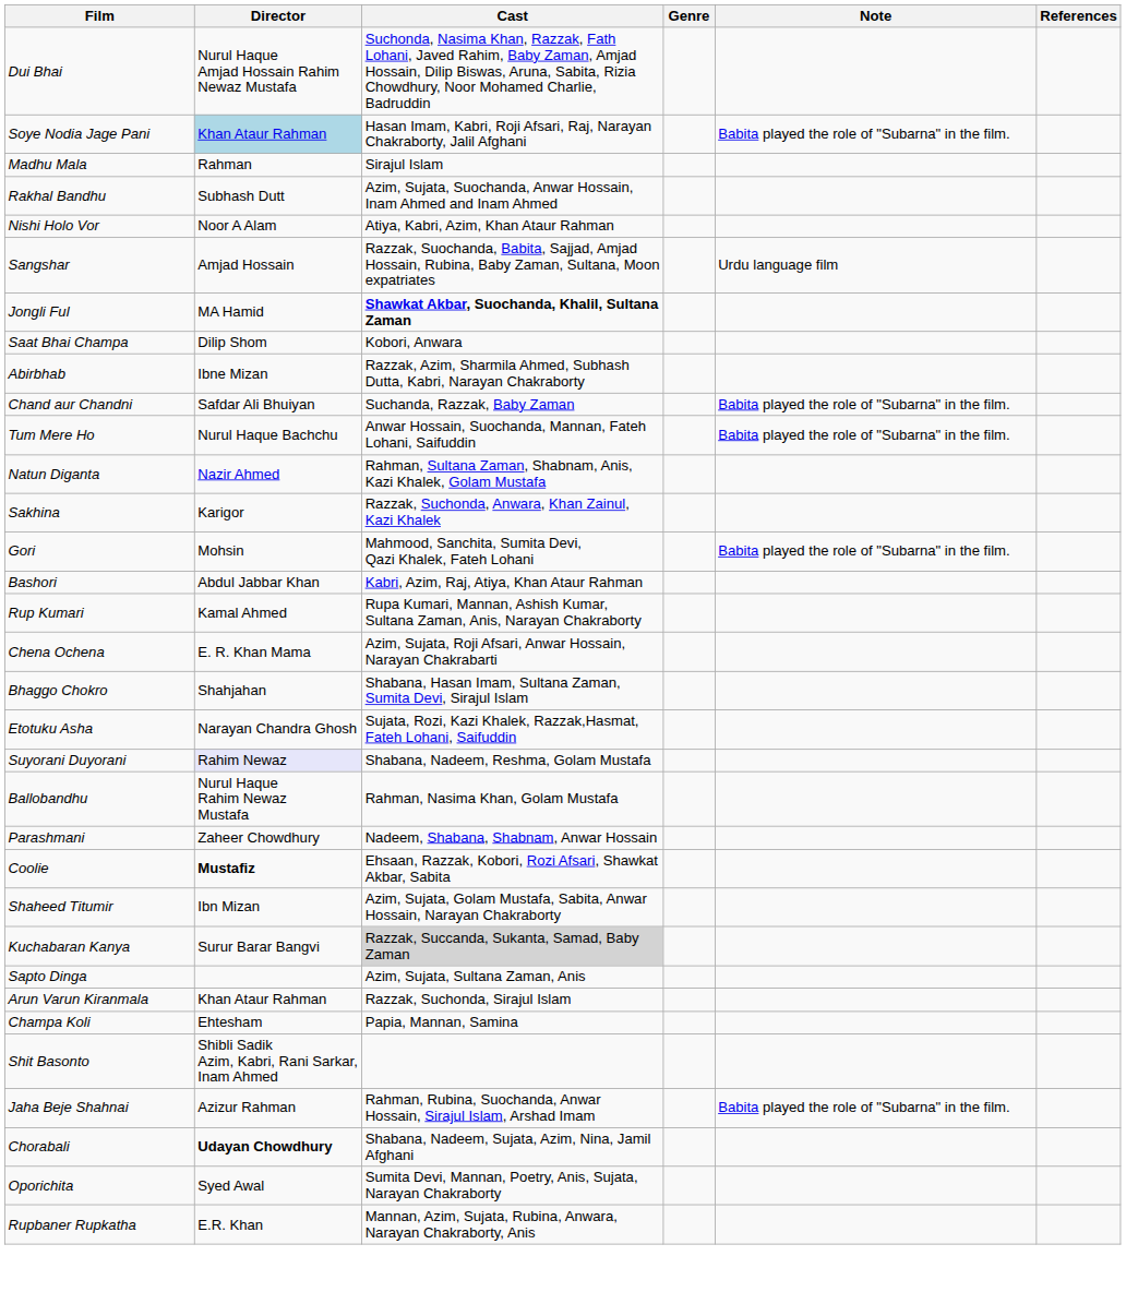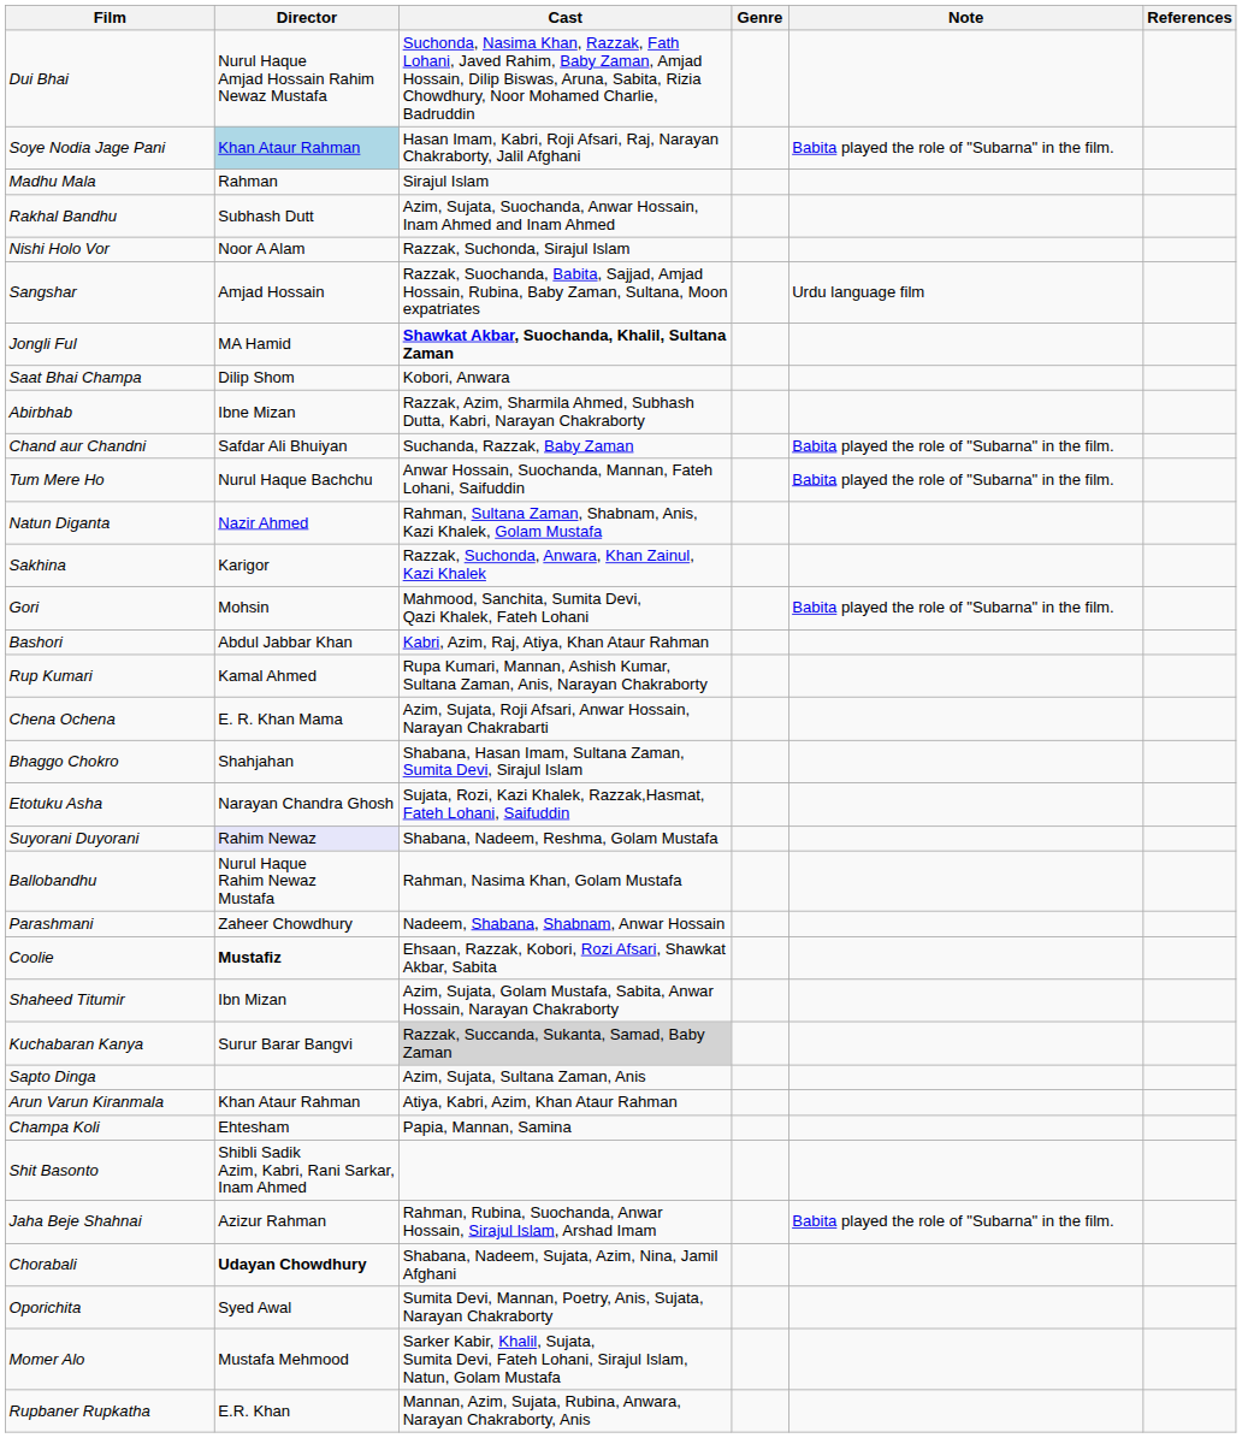 <table class="wikitable sortable">
 <tr>
 <th style="width:17%;">Film</th>
 <th style="width:15%;">Director</th>
 <th style="width:27%;">Cast</th>
 <th>Genre</th>
 <th>Note</th>
 <th style="width:2%;">References</th>
 </tr>
 <tr>
 <td><em>Dui Bhai</em></td>
 <td>Nurul Haque<br>Amjad Hossain Rahim Newaz Mustafa</td>
 <td><a href='#'>Suchonda</a>, <a href='#'>Nasima Khan</a>, <a href='#'>Razzak</a>, <a href='#'>Fath Lohani</a>, Javed Rahim, <a href='#'>Baby Zaman</a>, Amjad Hossain, Dilip Biswas, Aruna, Sabita, Rizia Chowdhury, Noor Mohamed Charlie, Badruddin</td>
 <td></td>
 <td></td>
 <td></td>
 </tr>
 <tr>
 <td><em>Soye Nodia Jage Pani</em></td>
 <td style="background: lightblue;"><a href='#'>Khan Ataur Rahman</a></td>
 <td>Hasan Imam, Kabri, Roji Afsari, Raj, Narayan Chakraborty, Jalil Afghani</td>
 <td></td>
 <td><a href='#'>Babita</a> played the role of "Subarna" in the film.</td>
 <td></td>
 </tr>
 <tr>
 <td><em> Madhu Mala </em></td>
 <td>Rahman</td>
 <td>Sirajul Islam</td>
 <td></td>
 <td></td>
 <td></td>
 </tr>
 <tr>
 <td><em> Rakhal Bandhu</em></td>
 <td>Subhash Dutt</td>
 <td>Azim, Sujata, Suochanda, Anwar Hossain, Inam Ahmed and Inam Ahmed</td>
 <td></td>
 <td></td>
 <td></td>
 </tr>
 <tr>
 <td><em>Nishi Holo Vor</em></td>
 <td>Noor A Alam</td>
-<td>Atiya, Kabri, Azim, Khan Ataur Rahman</td>
+<td>Razzak, Suchonda, Sirajul Islam</td>
 <td></td>
 <td></td>
 <td></td>
 </tr>
 <tr>
 <td><em>Sangshar</em></td>
 <td>Amjad Hossain</td>
 <td>Razzak, Suochanda, <a href='#'>Babita</a>, Sajjad, Amjad Hossain, Rubina, Baby Zaman, Sultana, Moon expatriates</td>
 <td></td>
 <td>Urdu language film</td>
 <td></td>
 </tr>
 <tr>
 <td><em>Jongli Ful</em></td>
 <td>MA Hamid</td>
 <td><strong><a href='#'>Shawkat Akbar</a>, Suochanda, Khalil, Sultana Zaman</strong></td>
 <td></td>
 <td></td>
 <td></td>
 </tr>
 <tr>
 <td><em>Saat Bhai Champa </em></td>
 <td>Dilip Shom</td>
 <td>Kobori, Anwara</td>
 <td></td>
 <td></td>
 <td></td>
 </tr>
 <tr>
 <td><em>Abirbhab</em></td>
 <td>Ibne Mizan</td>
 <td>Razzak, Azim, Sharmila Ahmed, Subhash Dutta, Kabri, Narayan Chakraborty</td>
 <td></td>
 <td></td>
 <td></td>
 </tr>
 <tr>
 <td><em>Chand aur Chandni</em></td>
 <td>Safdar Ali Bhuiyan</td>
 <td>Suchanda, Razzak, <a href='#'>Baby Zaman</a></td>
 <td></td>
 <td><a href='#'>Babita</a> played the role of "Subarna" in the film.</td>
 <td></td>
 </tr>
 <tr>
 <td><em>Tum Mere Ho</em></td>
 <td>Nurul Haque Bachchu</td>
 <td>Anwar Hossain, Suochanda, Mannan, Fateh Lohani, Saifuddin</td>
 <td></td>
 <td><a href='#'>Babita</a> played the role of "Subarna" in the film.</td>
 <td></td>
 </tr>
 <tr>
 <td><em>Natun Diganta</em></td>
 <td><a href='#'>Nazir Ahmed</a></td>
 <td>Rahman, <a href='#'>Sultana Zaman</a>, Shabnam, Anis, Kazi Khalek, <a href='#'>Golam Mustafa</a></td>
 <td></td>
 <td></td>
 <td></td>
 </tr>
 <tr>
 <td><em>Sakhina</em></td>
 <td>Karigor</td>
 <td>Razzak, <a href='#'>Suchonda</a>, <a href='#'>Anwara</a>, <a href='#'>Khan Zainul</a>, <a href='#'>Kazi Khalek</a></td>
 <td></td>
 <td></td>
 <td></td>
 </tr>
 <tr>
 <td><em>Gori</em></td>
 <td>Mohsin</td>
 <td>Mahmood, Sanchita, Sumita Devi,<br>Qazi Khalek, Fateh Lohani</td>
 <td></td>
 <td><a href='#'>Babita</a> played the role of "Subarna" in the film.</td>
 <td></td>
 </tr>
 <tr>
 <td><em>Bashori</em></td>
 <td>Abdul Jabbar Khan</td>
 <td><a href='#'>Kabri</a>, Azim, Raj, Atiya, Khan Ataur Rahman</td>
 <td></td>
 <td></td>
 <td></td>
 </tr>
 <tr>
 <td><em>Rup Kumari</em></td>
 <td>Kamal Ahmed</td>
 <td>Rupa Kumari, Mannan, Ashish Kumar, Sultana Zaman, Anis, Narayan Chakraborty</td>
 <td></td>
 <td></td>
 <td></td>
 </tr>
 <tr>
 <td><em>Chena Ochena</em></td>
 <td>E. R. Khan Mama</td>
 <td>Azim, Sujata, Roji Afsari, Anwar Hossain, Narayan Chakrabarti</td>
 <td></td>
 <td></td>
 <td></td>
 </tr>
 <tr>
 <td><em>Bhaggo Chokro</em></td>
 <td>Shahjahan</td>
 <td>Shabana, Hasan Imam, Sultana Zaman, <a href='#'>Sumita Devi</a>, Sirajul Islam</td>
 <td></td>
 <td></td>
 <td></td>
 </tr>
 <tr>
 <td><em>Etotuku Asha</em></td>
 <td>Narayan Chandra Ghosh</td>
 <td>Sujata, Rozi, Kazi Khalek, Razzak,Hasmat, <a href='#'>Fateh Lohani</a>, <a href='#'>Saifuddin</a></td>
 <td></td>
 <td></td>
 <td></td>
 </tr>
 <tr>
 <td><em>Suyorani Duyorani</em></td>
 <td style="background: lavender;">Rahim Newaz</td>
 <td>Shabana, Nadeem, Reshma, Golam Mustafa</td>
 <td></td>
 <td></td>
 <td></td>
 </tr>
 <tr>
 <td><em>Ballobandhu</em></td>
 <td>Nurul Haque<br>Rahim Newaz<br>Mustafa</td>
 <td>Rahman, Nasima Khan, Golam Mustafa</td>
 <td></td>
 <td></td>
 <td></td>
 </tr>
 <tr>
 <td><em> Parashmani </em></td>
 <td>Zaheer Chowdhury</td>
 <td>Nadeem, <a href='#'>Shabana</a>, <a href='#'>Shabnam</a>, Anwar Hossain</td>
 <td></td>
 <td></td>
 <td></td>
 </tr>
 <tr>
 <td><em>Coolie</em></td>
 <td><strong>Mustafiz</strong></td>
 <td>Ehsaan, Razzak, Kobori, <a href='#'>Rozi Afsari</a>, Shawkat Akbar, Sabita</td>
 <td></td>
 <td></td>
 <td></td>
 </tr>
 <tr>
 <td><em> Shaheed Titumir </em></td>
 <td>Ibn Mizan</td>
 <td>Azim, Sujata, Golam Mustafa, Sabita, Anwar Hossain, Narayan Chakraborty</td>
 <td></td>
 <td></td>
 <td></td>
 </tr>
 <tr>
 <td><em> Kuchabaran Kanya</em></td>
 <td>Surur Barar Bangvi</td>
 <td style="background: lightgrey;">Razzak, Succanda, Sukanta, Samad, Baby Zaman</td>
 <td></td>
 <td></td>
 <td></td>
 </tr>
 <tr>
 <td><em>Sapto Dinga</em></td>
 <td></td>
 <td>Azim, Sujata, Sultana Zaman, Anis</td>
 <td></td>
 <td></td>
 <td></td>
 </tr>
 <tr>
 <td><em> Arun Varun Kiranmala </em></td>
 <td>Khan Ataur Rahman</td>
-<td>Razzak, Suchonda, Sirajul Islam</td>
+<td>Atiya, Kabri, Azim, Khan Ataur Rahman</td>
 <td></td>
 <td></td>
 <td></td>
 </tr>
 <tr>
 <td><em> Champa Koli </em></td>
 <td>Ehtesham</td>
 <td>Papia, Mannan, Samina</td>
 <td></td>
 <td></td>
 <td></td>
 </tr>
 <tr>
 <td><em>Shit Basonto</em></td>
 <td>Shibli Sadik<br>Azim, Kabri, Rani Sarkar, Inam Ahmed</td>
 <td></td>
 <td></td>
 <td></td>
 <td></td>
 </tr>
 <tr>
 <td><em>Jaha Beje Shahnai</em></td>
 <td>Azizur Rahman</td>
 <td>Rahman, Rubina, Suochanda, Anwar Hossain, <a href='#'>Sirajul Islam</a>, Arshad Imam</td>
 <td></td>
 <td><a href='#'>Babita</a> played the role of "Subarna" in the film.</td>
 <td></td>
 </tr>
 <tr>
 <td><em>Chorabali</em></td>
 <td><strong>Udayan Chowdhury</strong></td>
 <td>Shabana, Nadeem, Sujata, Azim, Nina, Jamil Afghani</td>
 <td></td>
 <td></td>
 <td></td>
 </tr>
 <tr>
 <td><em>Oporichita</em></td>
 <td>Syed Awal</td>
 <td>Sumita Devi, Mannan, Poetry, Anis, Sujata, Narayan Chakraborty</td>
 <td></td>
 <td></td>
 <td></td>
 </tr>
 <tr>
+<td><em>Momer Alo</em></td>
+<td>Mustafa Mehmood</td>
+<td>Sarker Kabir, <a href='#'>Khalil</a>, Sujata,<br>Sumita Devi, Fateh Lohani, Sirajul Islam, Natun, Golam Mustafa</td>
+<td></td>
+<td></td>
+<td></td>
+</tr>
+<tr>
 <td><em>Rupbaner Rupkatha</em></td>
 <td>E.R. Khan</td>
 <td>Mannan, Azim, Sujata, Rubina, Anwara, Narayan Chakraborty, Anis</td>
 <td></td>
 <td></td>
 <td></td>
 </tr>
 </table>
